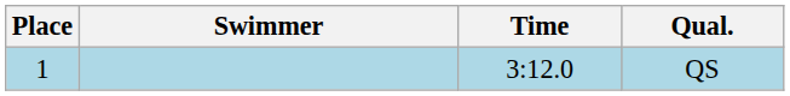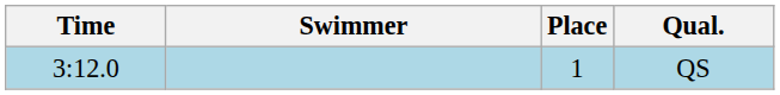 <table class=wikitable style="text-align:center">
 <tr>
+<th width=90>Time</th>
+<th width=220>Swimmer</th>
 <th>Place</th>
-<th width=220>Swimmer</th>
-<th width=90>Time</th>
 <th width=90>Qual.</th>
 </tr>
 <tr bgcolor=lightblue>
+<td>3:12.0</td>
+<td align=left></td>
 <td>1</td>
-<td align=left></td>
-<td>3:12.0</td>
 <td>QS</td>
 </tr>
 </table>
